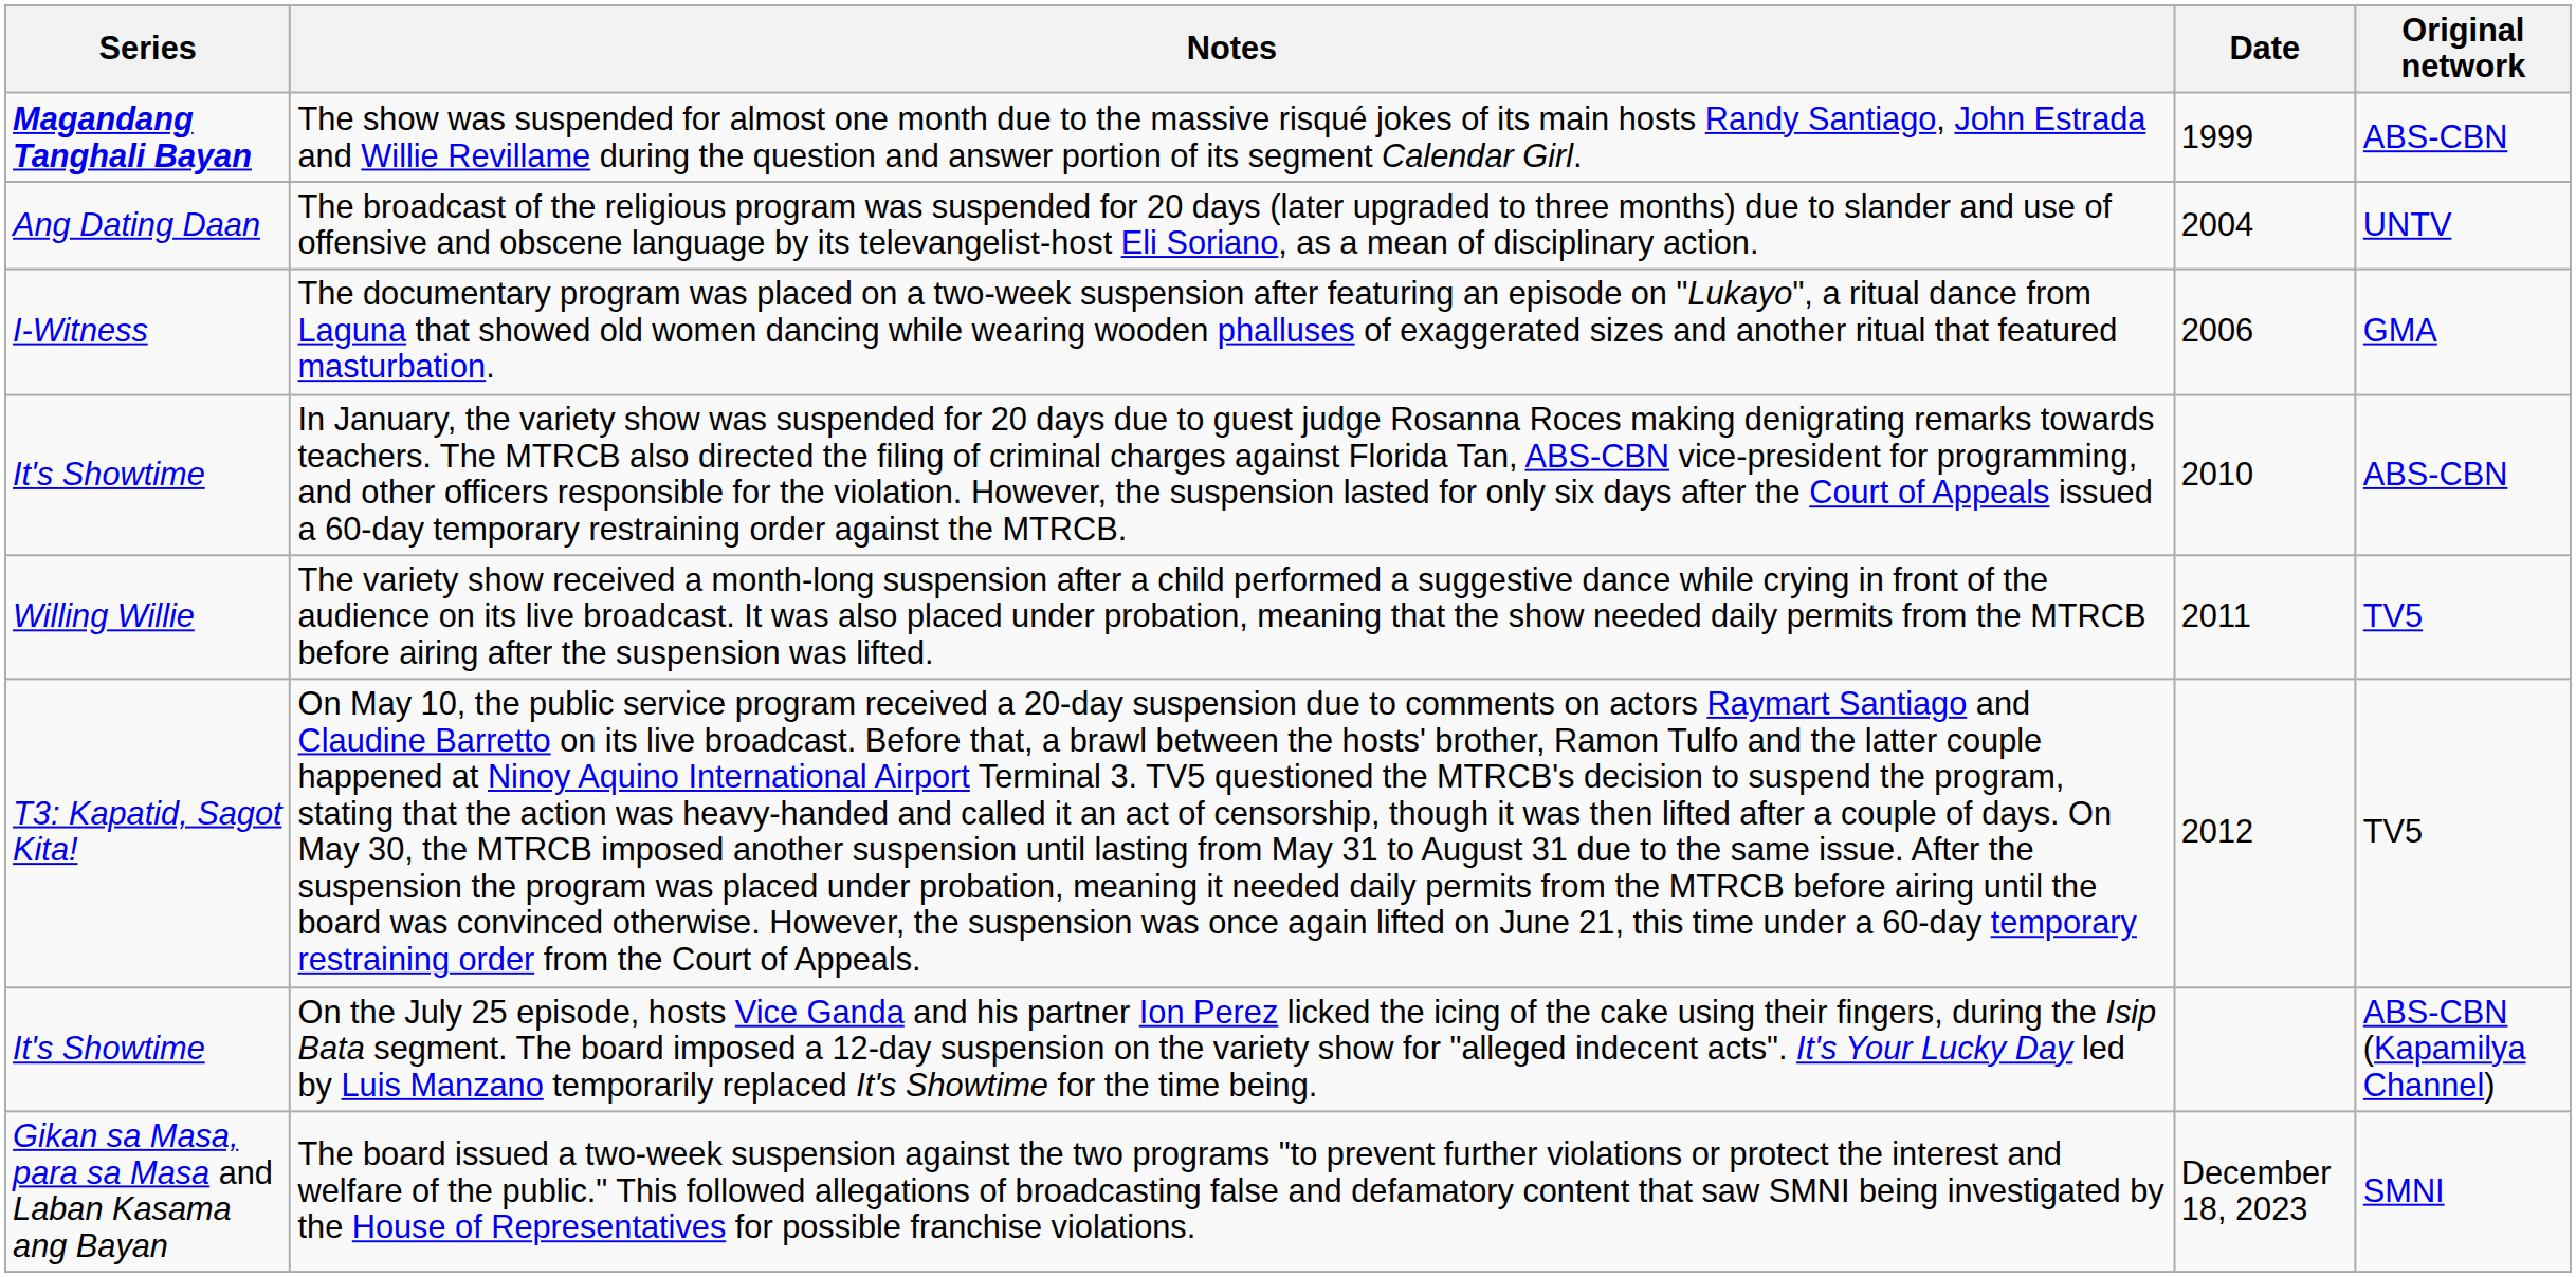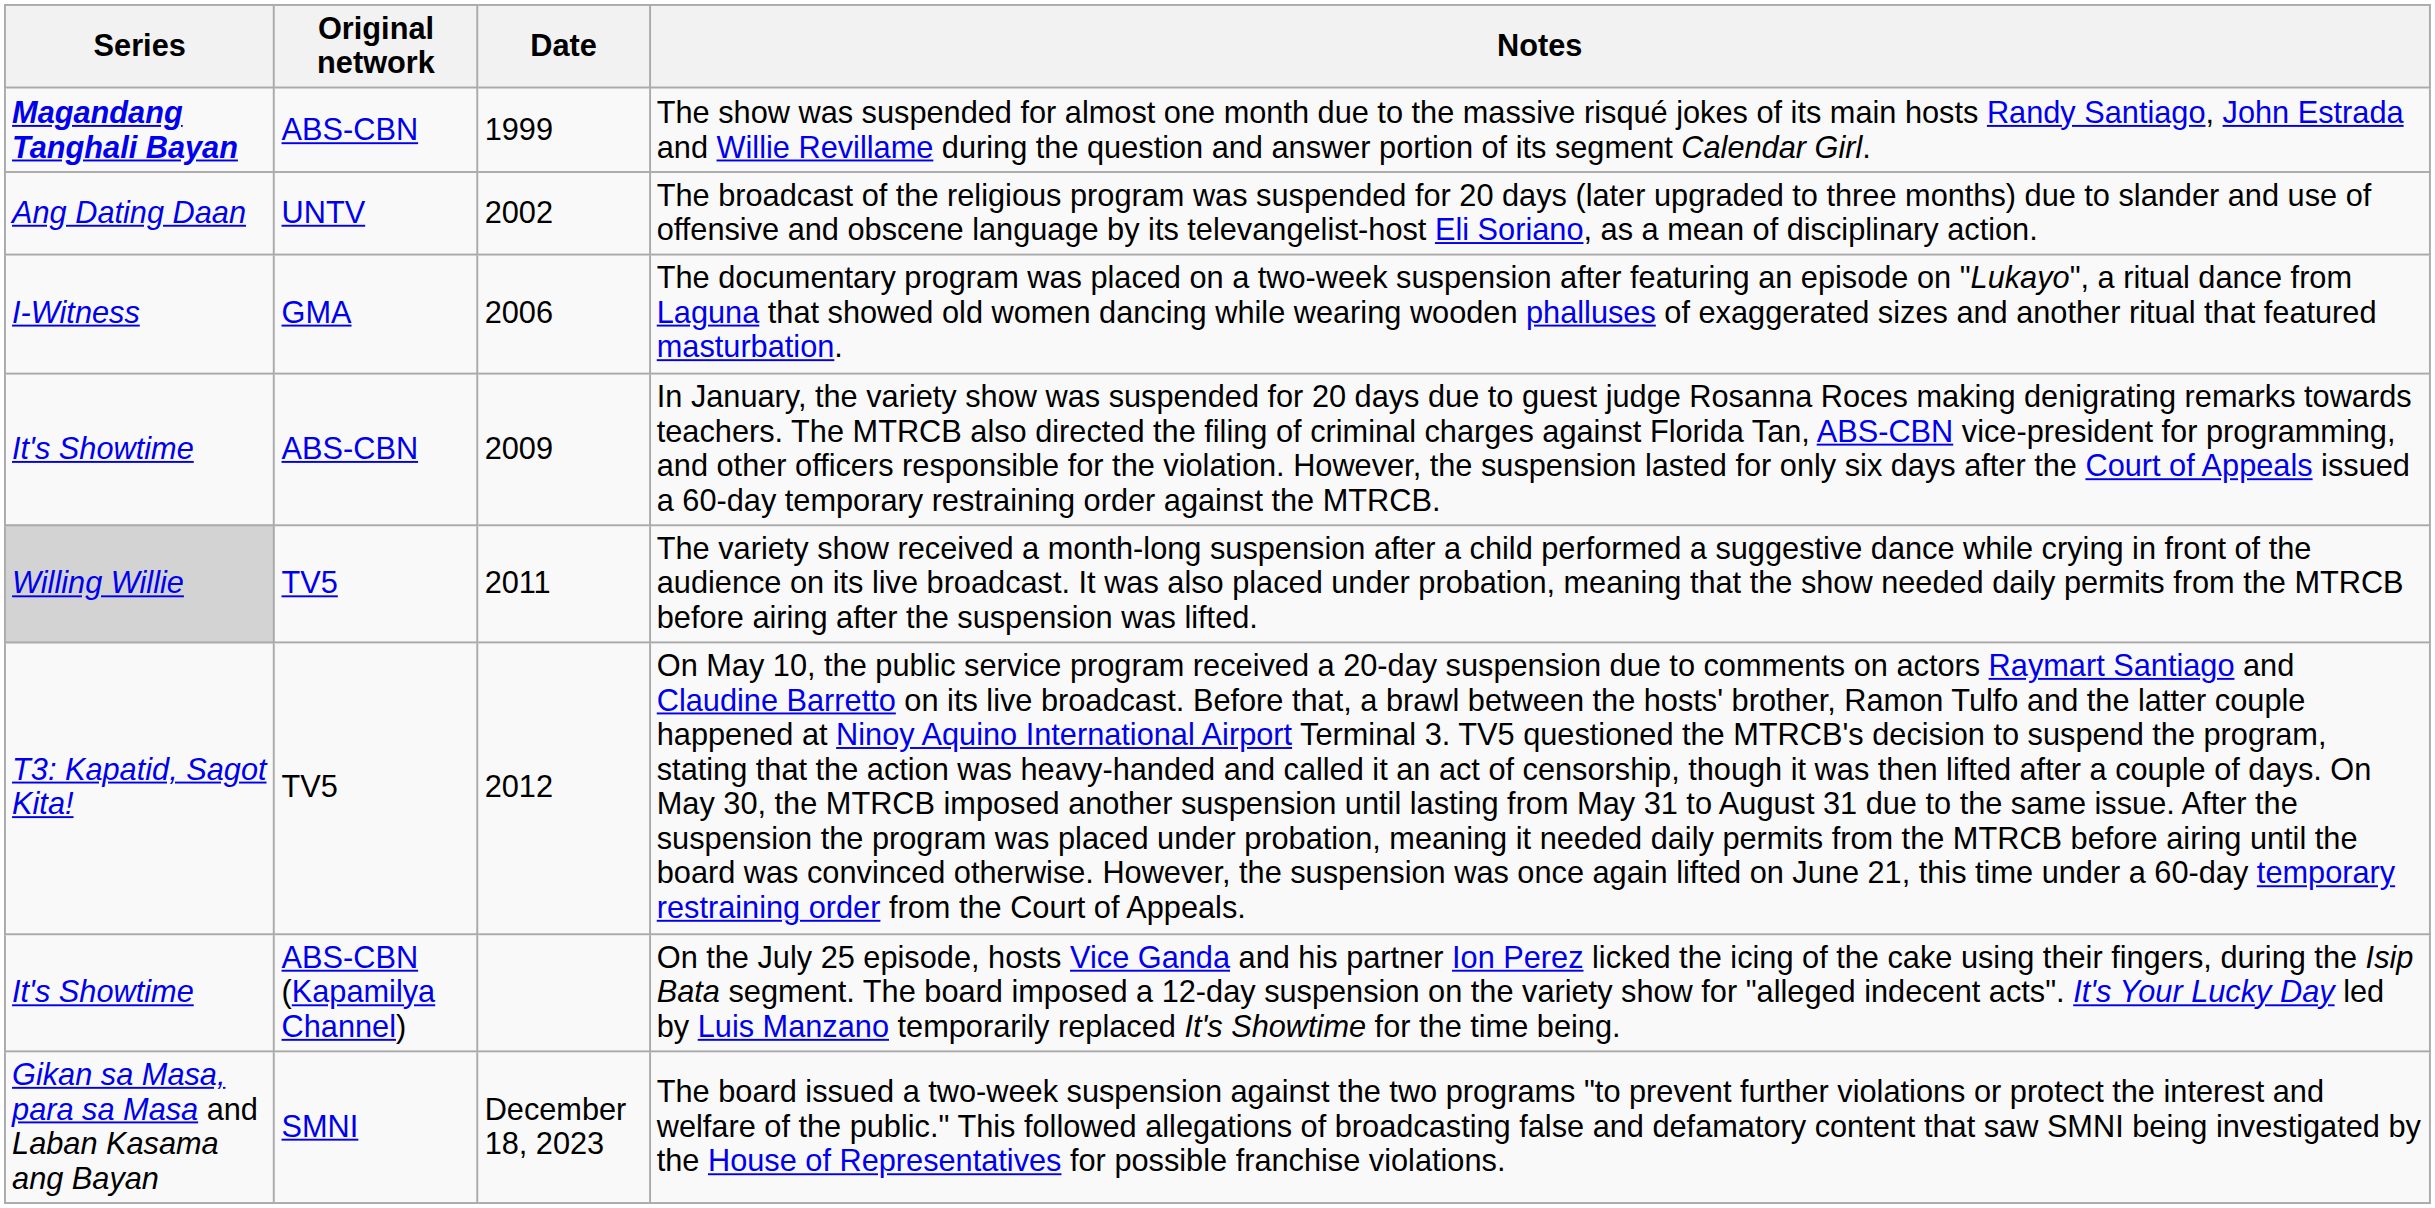 <table class="wikitable sortable" style="width:100%;">
 <tr>
 <th>Series</th>
+<th>Original network</th>
+<th>Date</th>
 <th>Notes</th>
-<th>Date</th>
-<th>Original network</th>
 </tr>
 <tr>
 <td><strong><em><a href='#'>Magandang Tanghali Bayan</a></em></strong></td>
+<td><a href='#'>ABS-CBN</a></td>
+<td>1999</td>
 <td>The show was suspended for almost one month due to the massive risqué jokes of its main hosts <a href='#'>Randy Santiago</a>, <a href='#'>John Estrada</a> and <a href='#'>Willie Revillame</a> during the question and answer portion of its segment <em>Calendar Girl</em>.</td>
-<td>1999</td>
-<td><a href='#'>ABS-CBN</a></td>
 </tr>
 <tr>
 <td><em><a href='#'>Ang Dating Daan</a></em></td>
+<td><a href='#'>UNTV</a></td>
+<td>2002</td>
 <td>The broadcast of the religious program was suspended for 20 days (later upgraded to three months) due to slander and use of offensive and obscene language by its televangelist-host <a href='#'>Eli Soriano</a>, as a mean of disciplinary action.</td>
-<td>2004</td>
-<td><a href='#'>UNTV</a></td>
 </tr>
 <tr>
 <td><em><a href='#'>I-Witness</a></em></td>
+<td><a href='#'>GMA</a></td>
+<td>2006</td>
 <td>The documentary program was placed on a two-week suspension after featuring an episode on "<em>Lukayo</em>", a ritual dance from <a href='#'>Laguna</a> that showed old women dancing while wearing wooden <a href='#'>phalluses</a> of exaggerated sizes and another ritual that featured <a href='#'>masturbation</a>.</td>
-<td>2006</td>
-<td><a href='#'>GMA</a></td>
 </tr>
 <tr>
 <td><em><a href='#'>It's Showtime</a></em></td>
+<td><a href='#'>ABS-CBN</a></td>
+<td>2009</td>
 <td>In January, the variety show was suspended for 20 days due to guest judge Rosanna Roces making denigrating remarks towards teachers. The MTRCB also directed the filing of criminal charges against Florida Tan, <a href='#'>ABS-CBN</a> vice-president for programming, and other officers responsible for the violation. However, the suspension lasted for only six days after the <a href='#'>Court of Appeals</a> issued a 60-day temporary restraining order against the MTRCB.</td>
-<td>2010</td>
-<td><a href='#'>ABS-CBN</a></td>
 </tr>
 <tr>
-<td><em><a href='#'>Willing Willie</a></em></td>
+<td style="background: lightgrey;"><em><a href='#'>Willing Willie</a></em></td>
+<td><a href='#'>TV5</a></td>
+<td>2011</td>
 <td>The variety show received a month-long suspension after a child performed a suggestive dance while crying in front of the audience on its live broadcast. It was also placed under probation, meaning that the show needed daily permits from the MTRCB before airing after the suspension was lifted.</td>
-<td>2011</td>
-<td><a href='#'>TV5</a></td>
 </tr>
 <tr>
 <td><em><a href='#'>T3: Kapatid, Sagot Kita!</a></em></td>
+<td>TV5</td>
+<td>2012</td>
 <td>On May 10, the public service program received a 20-day suspension due to comments on actors <a href='#'>Raymart Santiago</a> and <a href='#'>Claudine Barretto</a> on its live broadcast. Before that, a brawl between the hosts' brother, Ramon Tulfo and the latter couple happened at <a href='#'>Ninoy Aquino International Airport</a> Terminal 3. TV5 questioned the MTRCB's decision to suspend the program, stating that the action was heavy-handed and called it an act of censorship, though it was then lifted after a couple of days. On May 30, the MTRCB imposed another suspension until lasting from May 31 to August 31 due to the same issue. After the suspension the program was placed under probation, meaning it needed daily permits from the MTRCB before airing until the board was convinced otherwise. However, the suspension was once again lifted on June 21, this time under a 60-day <a href='#'>temporary restraining order</a> from the Court of Appeals.</td>
-<td>2012</td>
-<td>TV5</td>
 </tr>
 <tr>
 <td><em><a href='#'>It's Showtime</a></em></td>
+<td><a href='#'>ABS-CBN</a> (<a href='#'>Kapamilya Channel</a>)</td>
+<td></td>
 <td>On the July 25 episode, hosts <a href='#'>Vice Ganda</a> and his partner <a href='#'>Ion Perez</a> licked the icing of the cake using their fingers, during the <em>Isip Bata</em> segment. The board imposed a 12-day suspension on the variety show for "alleged indecent acts". <em><a href='#'>It's Your Lucky Day</a></em> led by <a href='#'>Luis Manzano</a> temporarily replaced <em>It's Showtime</em> for the time being.</td>
-<td></td>
-<td><a href='#'>ABS-CBN</a> (<a href='#'>Kapamilya Channel</a>)</td>
 </tr>
 <tr>
 <td><em><a href='#'>Gikan sa Masa, para sa Masa</a></em> and <em>Laban Kasama ang Bayan</em></td>
+<td><a href='#'>SMNI</a></td>
+<td>December 18, 2023</td>
 <td>The board issued a two-week suspension against the two programs "to prevent further violations or protect the interest and welfare of the public." This followed allegations of broadcasting false and defamatory content that saw SMNI being investigated by the <a href='#'>House of Representatives</a> for possible franchise violations.</td>
-<td>December 18, 2023</td>
-<td><a href='#'>SMNI</a></td>
 </tr>
 </table>
